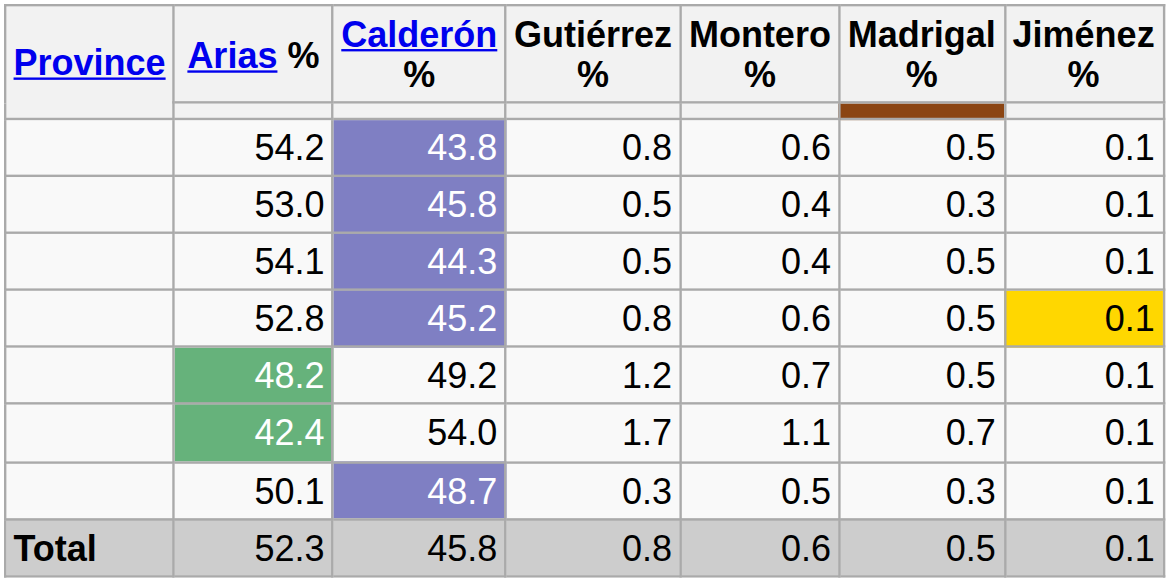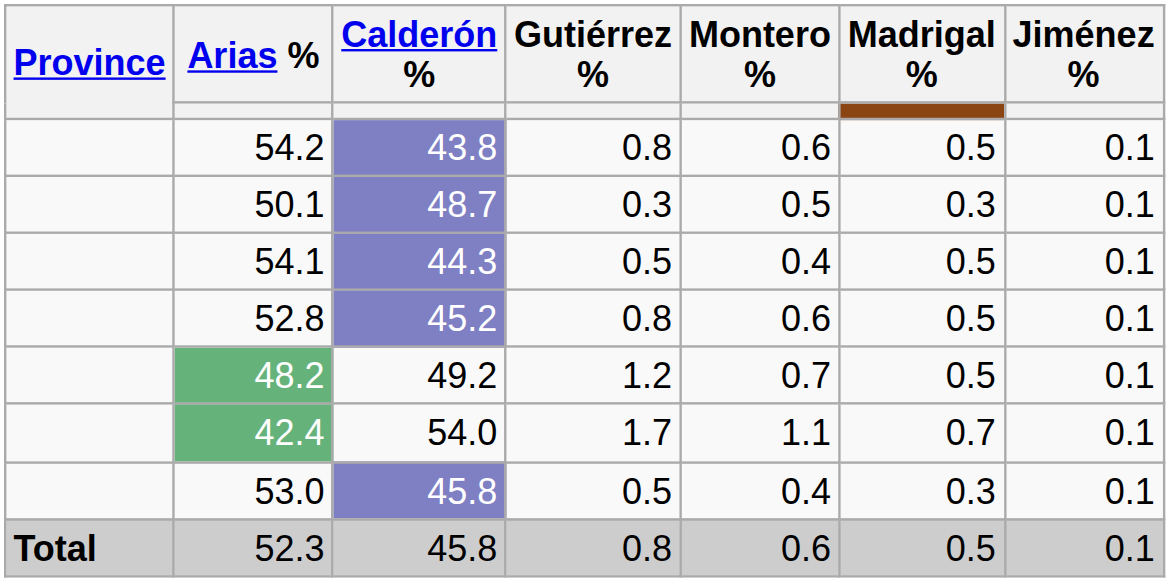 <table class="wikitable sortable" style="text-align:right; font-size:95%">
 <tr>
 <th rowspan=2><a href='#'>Province</a></th>
 <th width=60px><a href='#'>Arias</a> %</th>
 <th width=60px><a href='#'>Calderón</a> %</th>
 <th width=60px>Gutiérrez %</th>
 <th width=60px>Montero %</th>
 <th width=60px>Madrigal %</th>
 <th width=60px>Jiménez %</th>
 </tr>
 <tr>
 <th style="background:"></th>
 <th style="background:"></th>
 <th style="background:"></th>
 <th style="background:"></th>
 <th style="background:saddlebrown"></th>
 <th style="background:"></th>
 </tr>
 <tr>
 <td align="left"></td>
 <td style="background:">54.2</td>
 <td style="background:#7F7FC3; color:white;">43.8</td>
 <td>0.8</td>
 <td>0.6</td>
 <td>0.5</td>
 <td>0.1</td>
 </tr>
 <tr>
 <td align="left"></td>
-<td style="background:">53.0</td>
-<td style="background:#7F7FC3; color:white;">45.8</td>
+<td style="background:">50.1</td>
+<td style="background:#7F7FC3; color:white;">48.7</td>
+<td>0.3</td>
 <td>0.5</td>
-<td>0.4</td>
 <td>0.3</td>
 <td>0.1</td>
 </tr>
 <tr>
 <td align="left"></td>
 <td style="background:">54.1</td>
 <td style="background:#7F7FC3; color:white;">44.3</td>
 <td>0.5</td>
 <td>0.4</td>
 <td>0.5</td>
 <td>0.1</td>
 </tr>
 <tr>
 <td align="left"></td>
 <td style="background:">52.8</td>
 <td style="background:#7F7FC3; color:white;">45.2</td>
 <td>0.8</td>
 <td>0.6</td>
 <td>0.5</td>
-<td style="background: gold;">0.1</td>
+<td>0.1</td>
 </tr>
 <tr>
 <td align="left"></td>
 <td style="background:#66B27B; color:white;">48.2</td>
 <td style="background:">49.2</td>
 <td>1.2</td>
 <td>0.7</td>
 <td>0.5</td>
 <td>0.1</td>
 </tr>
 <tr>
 <td align="left"></td>
 <td style="background:#66B27B; color:white;">42.4</td>
 <td style="background:">54.0</td>
 <td>1.7</td>
 <td>1.1</td>
 <td>0.7</td>
 <td>0.1</td>
 </tr>
 <tr>
 <td align="left"></td>
-<td style="background:">50.1</td>
-<td style="background:#7F7FC3; color:white;">48.7</td>
-<td>0.3</td>
+<td style="background:">53.0</td>
+<td style="background:#7F7FC3; color:white;">45.8</td>
 <td>0.5</td>
+<td>0.4</td>
 <td>0.3</td>
 <td>0.1</td>
 </tr>
 <tr style="background:#CDCDCD;">
 <td align="left"><strong>Total</strong></td>
 <td style="background:">52.3</td>
 <td>45.8</td>
 <td>0.8</td>
 <td>0.6</td>
 <td>0.5</td>
 <td>0.1</td>
 </tr>
 </table>
